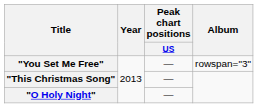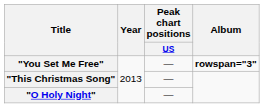 <table class="wikitable sortable plainrowheaders" style="text-align:center;">
 <tr>
 <th scope="col" rowspan="2">Title</th>
 <th scope="col" rowspan="2">Year</th>
 <th scope="col" colspan="1">Peak chart positions</th>
 <th scope="col" rowspan="2">Album</th>
 </tr>
 <tr>
 <th scope="col" style="width:3em;font-size:85%;"><a href='#'>US</a></th>
 </tr>
 <tr>
 <th scope="row">"You Set Me Free"</th>
 <td rowspan="3">2013</td>
 <td>—</td>
-<td>rowspan="3" </td>
+<td><strong>rowspan="3" </strong></td>
 </tr>
 <tr>
 <th scope="row">"This Christmas Song"</th>
 <td>—</td>
 </tr>
 <tr>
 <th scope="row">"<a href='#'>O Holy Night</a>"</th>
 <td>—</td>
 </tr>
 </table>
